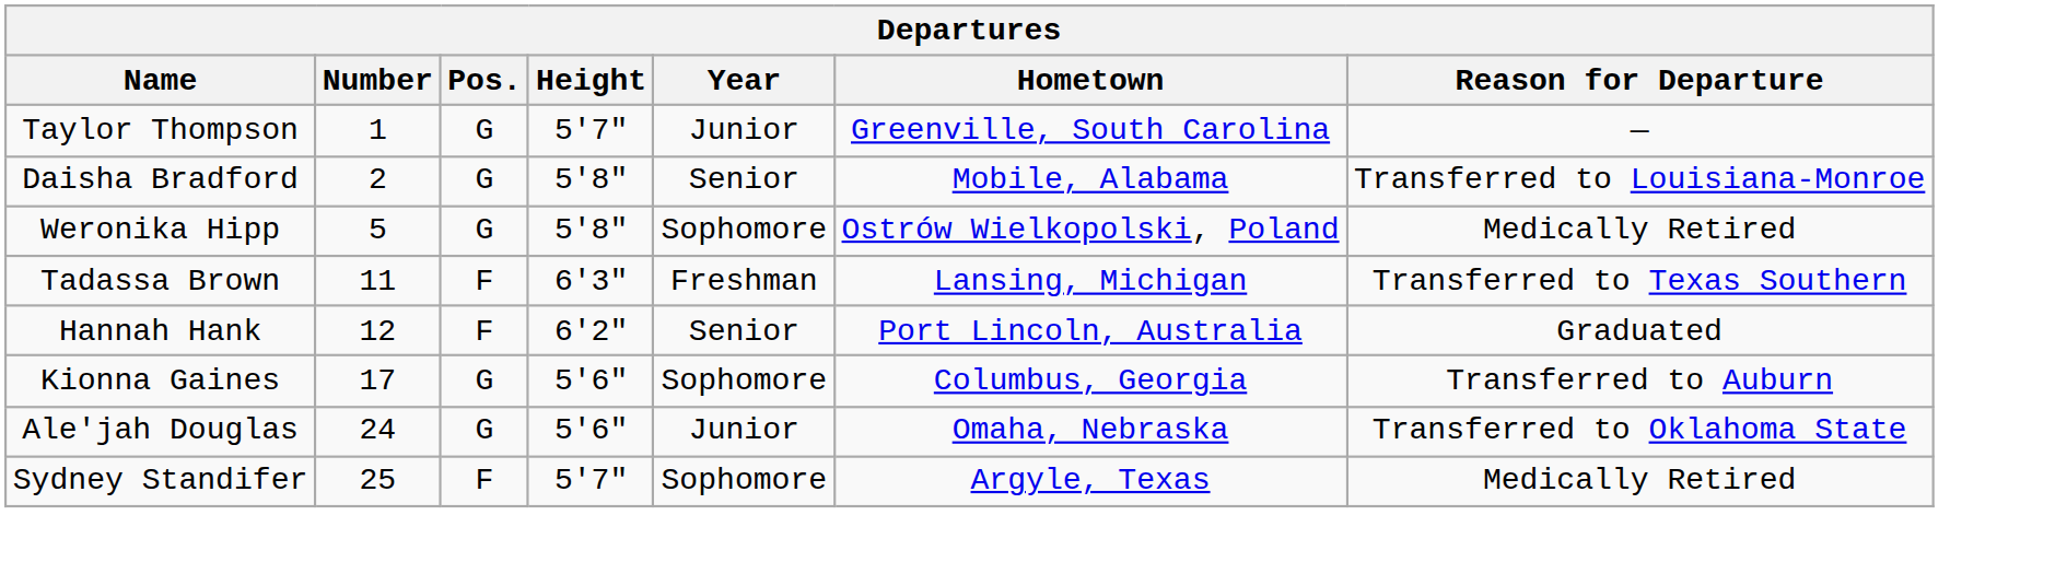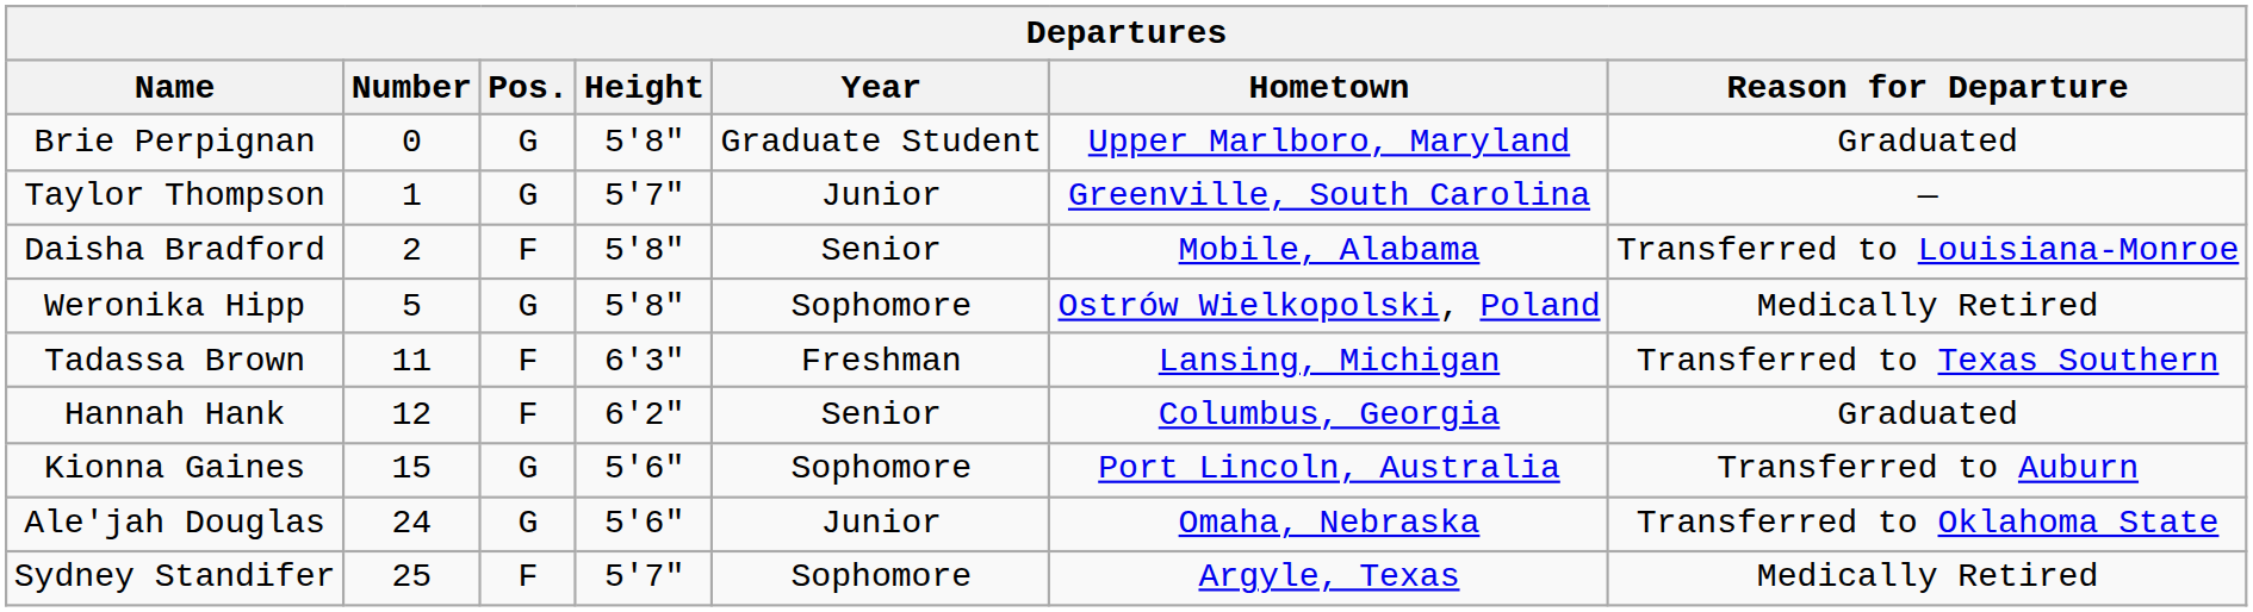 <table class="wikitable sortable" border="1" style="text-align: center;">
 <tr>
 <th colspan=7>Departures</th>
 </tr>
 <tr align=center>
 <th>Name</th>
 <th>Number</th>
 <th>Pos.</th>
 <th>Height</th>
 <th>Year</th>
 <th>Hometown</th>
 <th>Reason for Departure</th>
 </tr>
 <tr>
+<td>Brie Perpignan</td>
+<td>0</td>
+<td>G</td>
+<td>5'8"</td>
+<td>Graduate Student</td>
+<td><a href='#'>Upper Marlboro, Maryland</a></td>
+<td>Graduated</td>
+</tr>
+<tr>
 <td>Taylor Thompson</td>
 <td>1</td>
 <td>G</td>
 <td>5'7"</td>
 <td>Junior</td>
 <td><a href='#'>Greenville, South Carolina</a></td>
 <td>—</td>
 </tr>
 <tr>
 <td>Daisha Bradford</td>
 <td>2</td>
-<td>G</td>
+<td>F</td>
 <td>5'8"</td>
 <td>Senior</td>
 <td><a href='#'>Mobile, Alabama</a></td>
 <td>Transferred to <a href='#'>Louisiana-Monroe</a></td>
 </tr>
 <tr>
 <td>Weronika Hipp</td>
 <td>5</td>
 <td>G</td>
 <td>5'8"</td>
 <td>Sophomore</td>
 <td><a href='#'>Ostrów Wielkopolski</a>, <a href='#'>Poland</a></td>
 <td>Medically Retired</td>
 </tr>
 <tr>
 <td>Tadassa Brown</td>
 <td>11</td>
 <td>F</td>
 <td>6'3"</td>
 <td>Freshman</td>
 <td><a href='#'>Lansing, Michigan</a></td>
 <td>Transferred to <a href='#'>Texas Southern</a></td>
 </tr>
 <tr>
 <td>Hannah Hank</td>
 <td>12</td>
 <td>F</td>
 <td>6'2"</td>
 <td>Senior</td>
-<td><a href='#'>Port Lincoln, Australia</a></td>
+<td><a href='#'>Columbus, Georgia</a></td>
 <td>Graduated</td>
 </tr>
 <tr>
 <td>Kionna Gaines</td>
-<td>17</td>
+<td>15</td>
 <td>G</td>
 <td>5'6"</td>
 <td>Sophomore</td>
-<td><a href='#'>Columbus, Georgia</a></td>
+<td><a href='#'>Port Lincoln, Australia</a></td>
 <td>Transferred to <a href='#'>Auburn</a></td>
 </tr>
 <tr>
 <td>Ale'jah Douglas</td>
 <td>24</td>
 <td>G</td>
 <td>5'6"</td>
 <td>Junior</td>
 <td><a href='#'>Omaha, Nebraska</a></td>
 <td>Transferred to <a href='#'>Oklahoma State</a></td>
 </tr>
 <tr>
 <td>Sydney Standifer</td>
 <td>25</td>
 <td>F</td>
 <td>5'7"</td>
 <td>Sophomore</td>
 <td><a href='#'>Argyle, Texas</a></td>
 <td>Medically Retired</td>
 </tr>
 </table>
